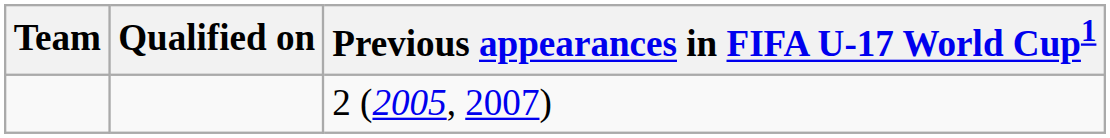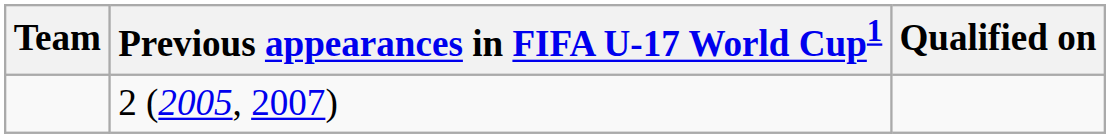 <table class="wikitable sortable">
 <tr>
 <th>Team</th>
+<th data-sort-type="number">Previous <a href='#'>appearances</a> in <a href='#'>FIFA U-17 World Cup</a><sup><strong><a href='#'>1</a></strong></sup></th>
 <th>Qualified on</th>
-<th data-sort-type="number">Previous <a href='#'>appearances</a> in <a href='#'>FIFA U-17 World Cup</a><sup><strong><a href='#'>1</a></strong></sup></th>
 </tr>
 <tr>
 <td></td>
+<td>2 (<em><a href='#'>2005</a></em>, <a href='#'>2007</a>)</td>
 <td></td>
-<td>2 (<em><a href='#'>2005</a></em>, <a href='#'>2007</a>)</td>
 </tr>
 </table>
